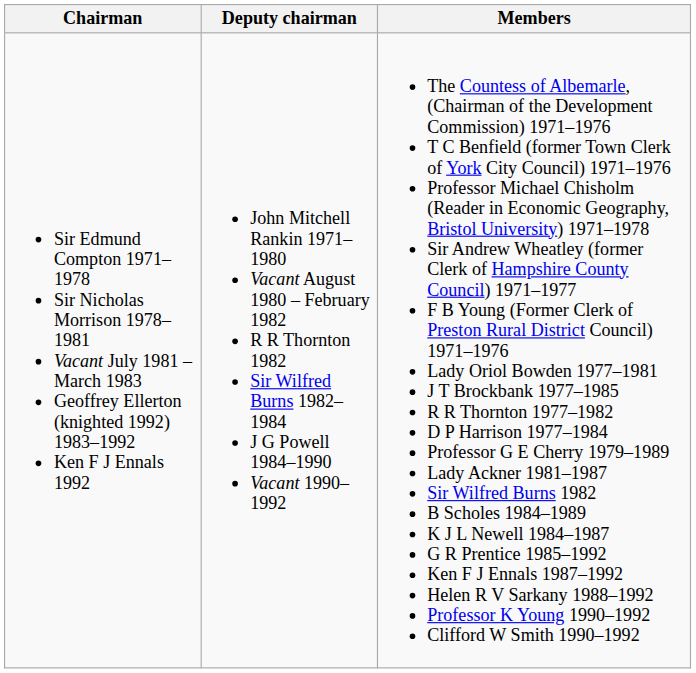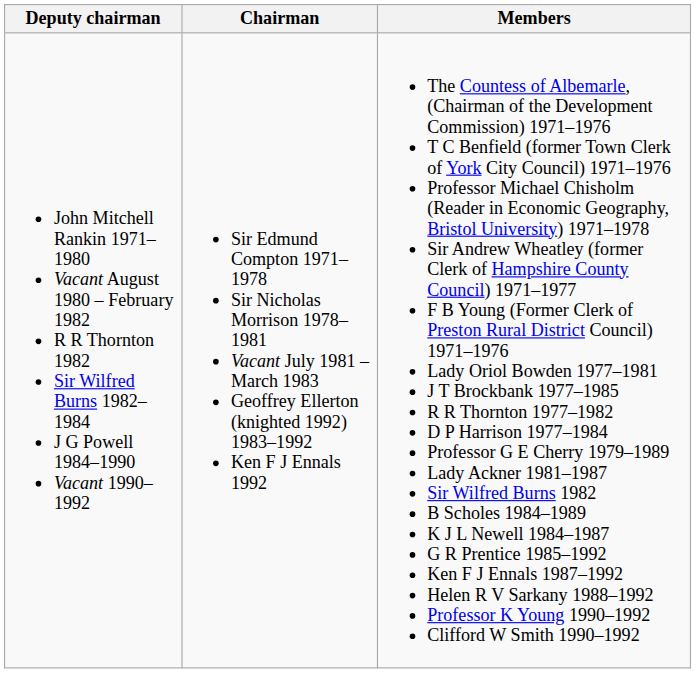 <table class="wikitable">
 <tr>
+<th>Deputy chairman</th>
 <th>Chairman</th>
-<th>Deputy chairman</th>
 <th>Members</th>
 </tr>
 <tr>
+<td><br><ul><li>John Mitchell Rankin 1971–1980</li><li><em>Vacant</em> August 1980 – February 1982</li><li>R R Thornton 1982</li><li><a href='#'>Sir Wilfred Burns</a> 1982–1984</li><li>J G Powell 1984–1990</li><li><em>Vacant</em> 1990–1992</li></ul></td>
 <td><br><ul><li>Sir Edmund Compton 1971–1978</li><li>Sir Nicholas Morrison 1978–1981</li><li><em>Vacant</em> July 1981 – March 1983</li><li>Geoffrey Ellerton (knighted 1992) 1983–1992</li><li>Ken F J Ennals 1992</li></ul></td>
-<td><br><ul><li>John Mitchell Rankin 1971–1980</li><li><em>Vacant</em> August 1980 – February 1982</li><li>R R Thornton 1982</li><li><a href='#'>Sir Wilfred Burns</a> 1982–1984</li><li>J G Powell 1984–1990</li><li><em>Vacant</em> 1990–1992</li></ul></td>
 <td><br><ul><li>The <a href='#'>Countess of Albemarle</a>, (Chairman of the Development Commission) 1971–1976</li><li>T C Benfield (former Town Clerk of <a href='#'>York</a> City Council) 1971–1976</li><li>Professor Michael Chisholm (Reader in Economic Geography, <a href='#'>Bristol University</a>) 1971–1978</li><li>Sir Andrew Wheatley (former Clerk of <a href='#'>Hampshire County Council</a>) 1971–1977</li><li>F B Young (Former Clerk of <a href='#'>Preston Rural District</a> Council) 1971–1976</li><li>Lady Oriol Bowden 1977–1981</li><li>J T Brockbank 1977–1985</li><li>R R Thornton 1977–1982</li><li>D P Harrison 1977–1984</li><li>Professor G E Cherry 1979–1989</li><li>Lady Ackner 1981–1987</li><li><a href='#'>Sir Wilfred Burns</a> 1982</li><li>B Scholes 1984–1989</li><li>K J L Newell 1984–1987</li><li>G R Prentice 1985–1992</li><li>Ken F J Ennals 1987–1992</li><li>Helen R V Sarkany 1988–1992</li><li><a href='#'>Professor K Young</a> 1990–1992</li><li>Clifford W Smith 1990–1992</li></ul></td>
 </tr>
 </table>
